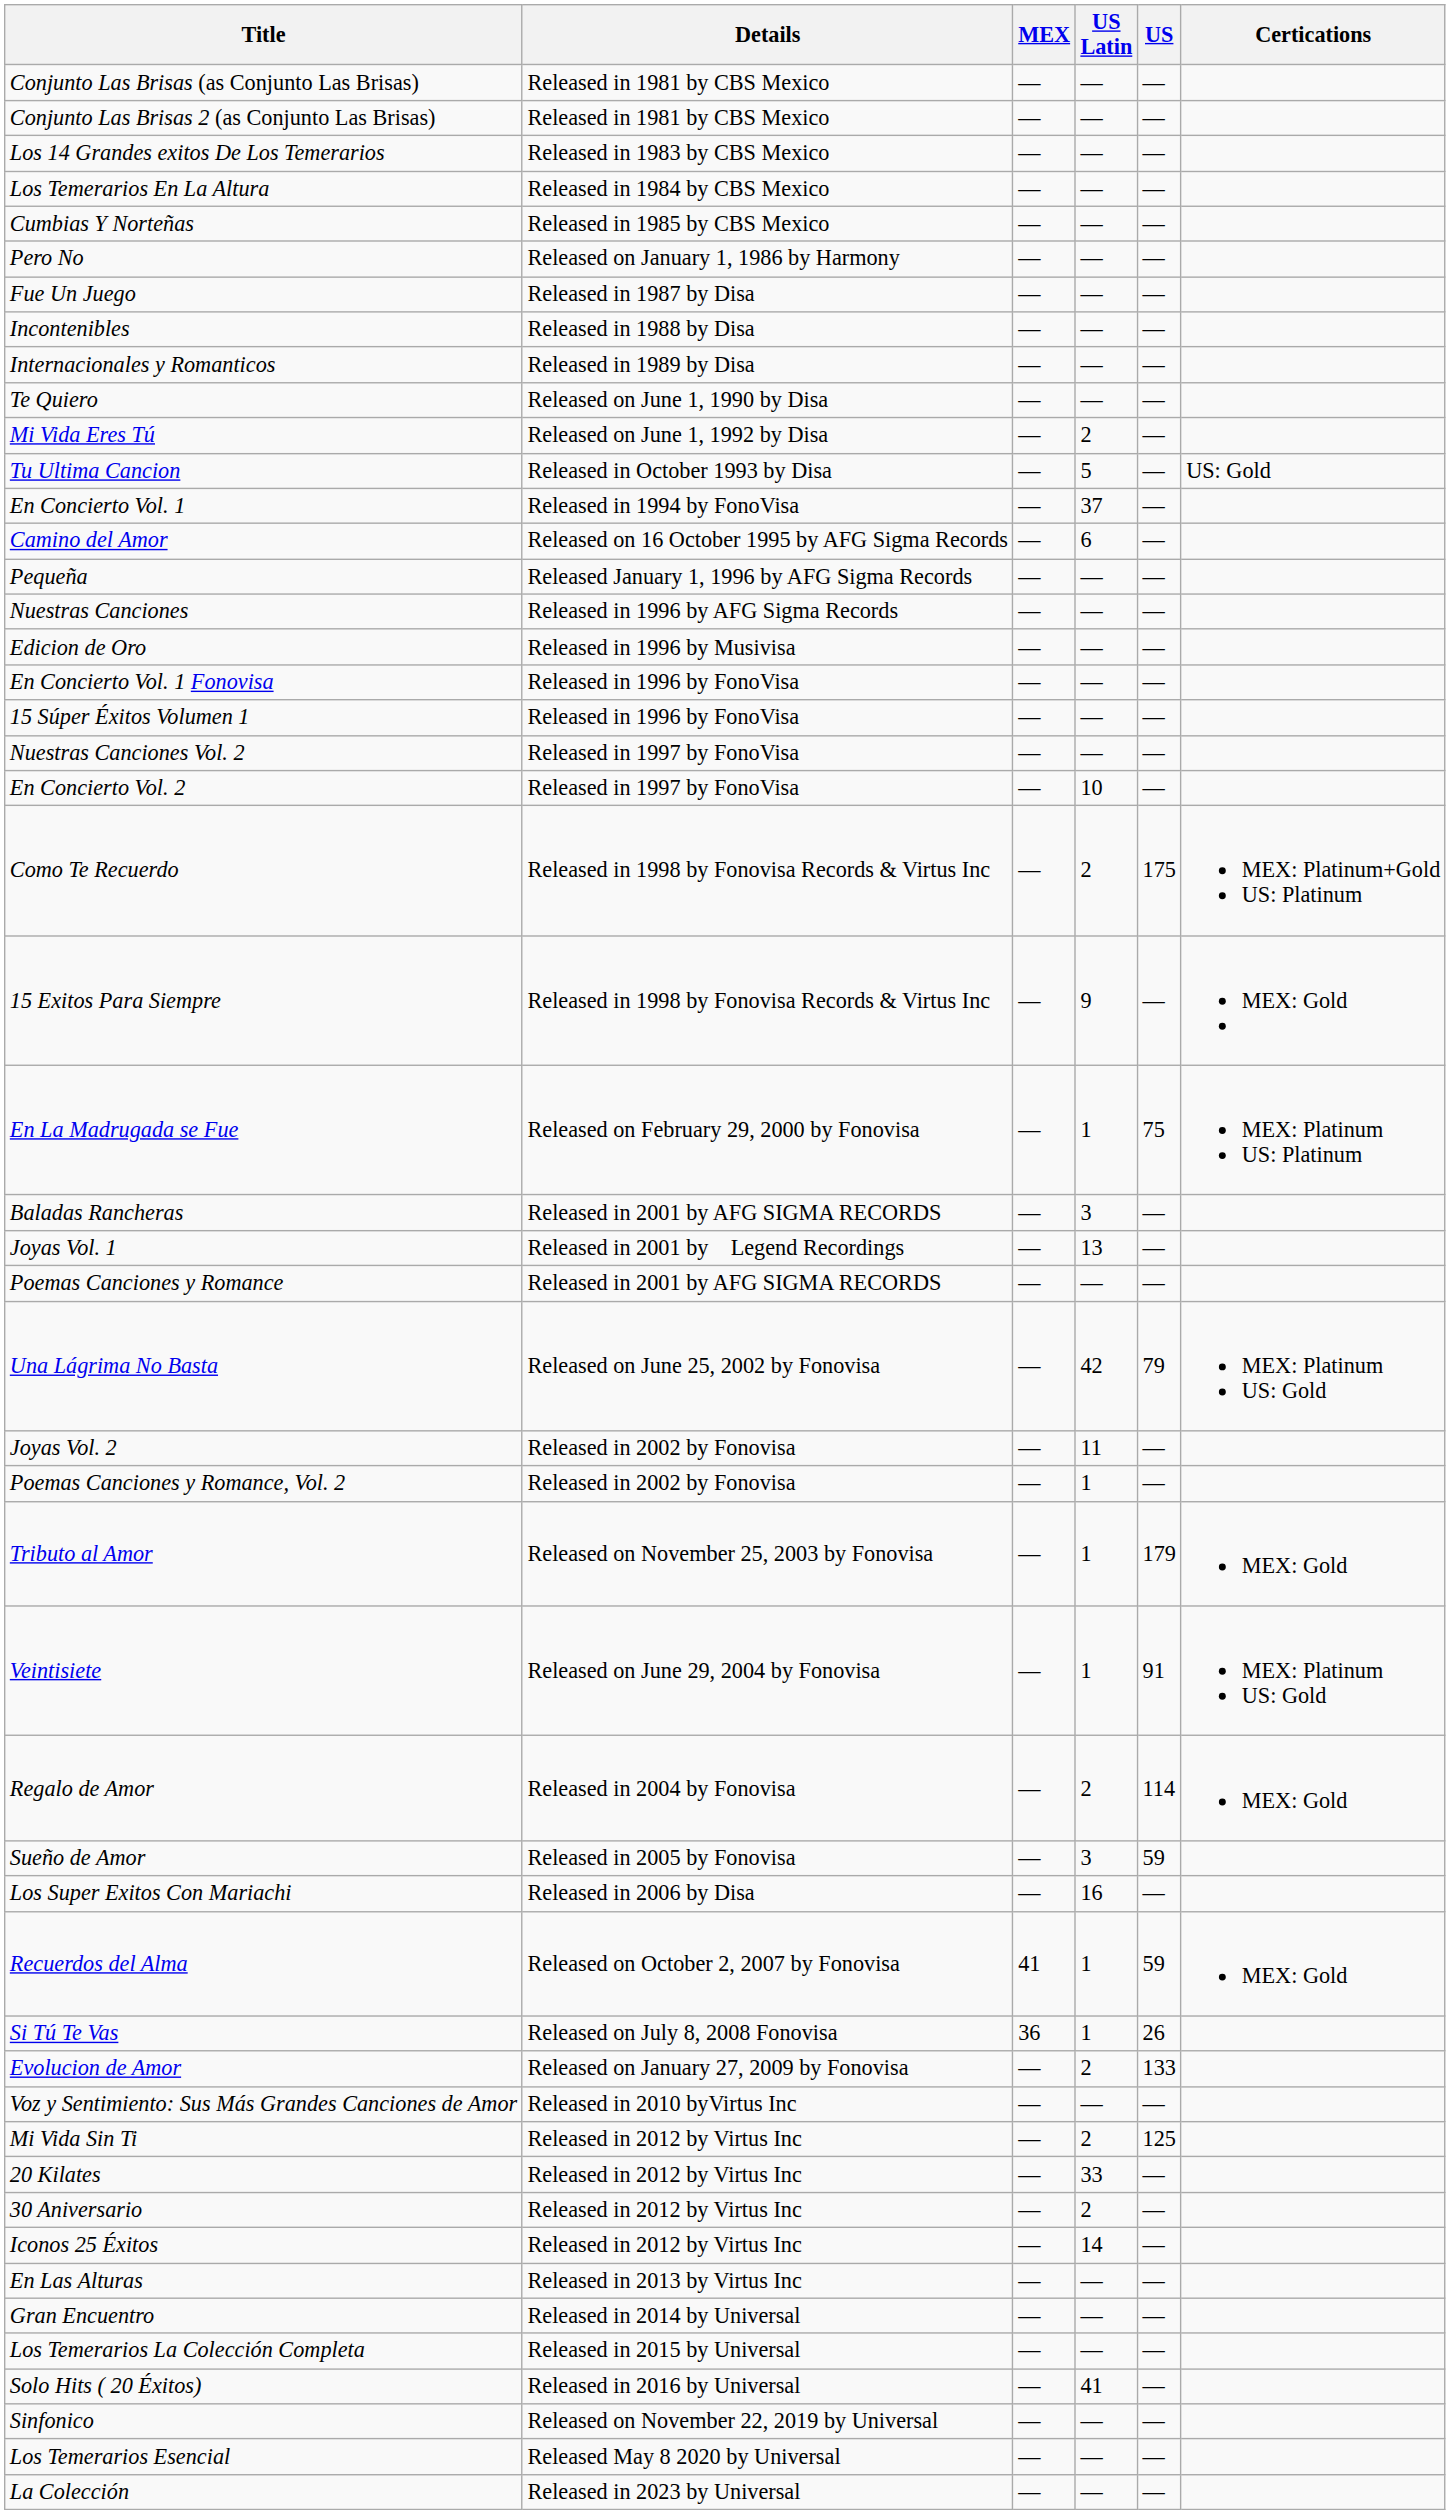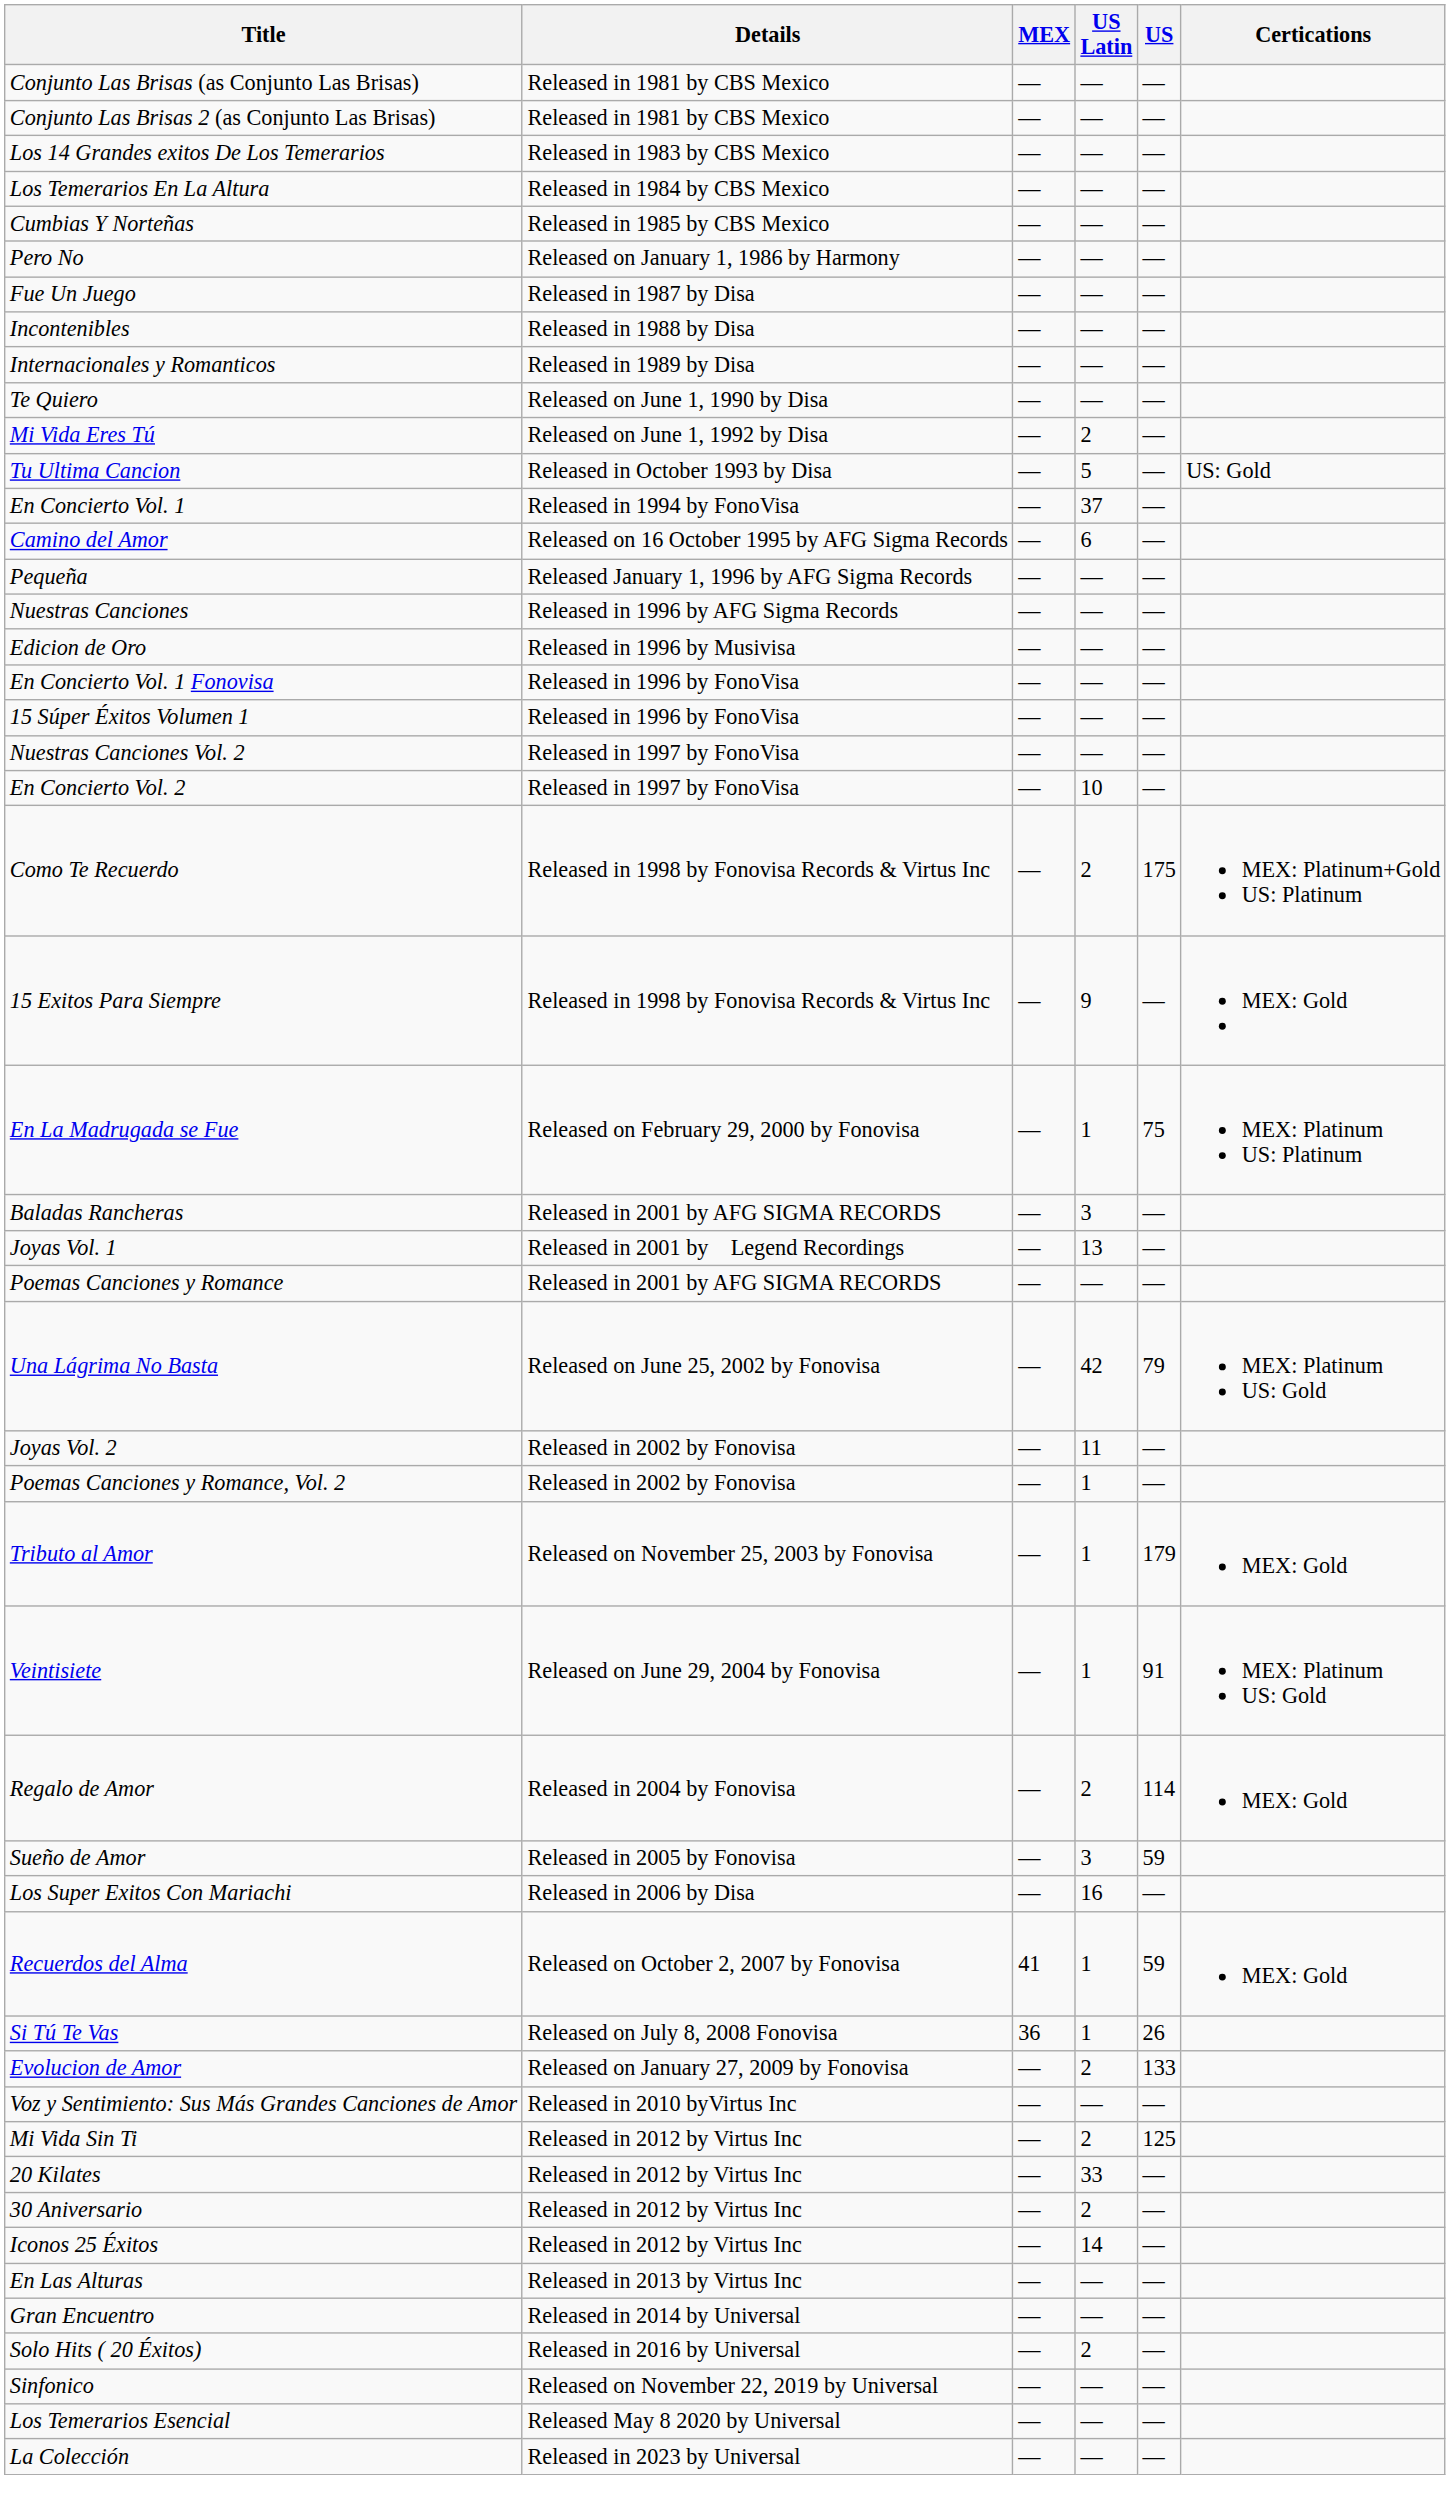 <table class="wikitable">
 <tr>
 <th>Title</th>
 <th>Details</th>
 <th><a href='#'>MEX</a></th>
 <th><a href='#'>US</a><br><a href='#'>Latin</a> </th>
 <th><a href='#'>US</a><br></th>
 <th>Certications</th>
 </tr>
 <tr>
 <td><em>Conjunto Las Brisas</em> (as Conjunto Las Brisas)</td>
 <td>Released in 1981 by CBS Mexico</td>
 <td>—</td>
 <td>—</td>
 <td>—</td>
 <td></td>
 </tr>
 <tr>
 <td><em>Conjunto Las Brisas</em> <em>2</em> (as Conjunto Las Brisas)</td>
 <td>Released in 1981 by CBS Mexico</td>
 <td>—</td>
 <td>—</td>
 <td>—</td>
 <td></td>
 </tr>
 <tr>
 <td><em>Los 14 Grandes exitos De Los Temerarios</em></td>
 <td>Released in 1983 by CBS Mexico</td>
 <td>—</td>
 <td>—</td>
 <td>—</td>
 <td></td>
 </tr>
 <tr>
 <td><em>Los Temerarios En La Altura</em></td>
 <td>Released in 1984 by CBS Mexico</td>
 <td>—</td>
 <td>—</td>
 <td>—</td>
 <td></td>
 </tr>
 <tr>
 <td><em>Cumbias Y Norteñas</em></td>
 <td>Released in 1985 by CBS Mexico</td>
 <td>—</td>
 <td>—</td>
 <td>—</td>
 <td></td>
 </tr>
 <tr>
 <td><em>Pero No</em></td>
 <td>Released on January 1, 1986 by Harmony</td>
 <td>—</td>
 <td>—</td>
 <td>—</td>
 <td></td>
 </tr>
 <tr>
 <td><em>Fue Un Juego</em></td>
 <td>Released in 1987 by Disa</td>
 <td>—</td>
 <td>—</td>
 <td>—</td>
 <td></td>
 </tr>
 <tr>
 <td><em>Incontenibles</em></td>
 <td>Released in 1988 by Disa</td>
 <td>—</td>
 <td>—</td>
 <td>—</td>
 <td></td>
 </tr>
 <tr>
 <td><em>Internacionales y Romanticos</em></td>
 <td>Released in 1989 by Disa</td>
 <td>—</td>
 <td>—</td>
 <td>—</td>
 <td></td>
 </tr>
 <tr>
 <td><em>Te Quiero</em></td>
 <td>Released on June 1, 1990 by Disa</td>
 <td>—</td>
 <td>—</td>
 <td>—</td>
 <td></td>
 </tr>
 <tr>
 <td><em><a href='#'>Mi Vida Eres Tú</a></em></td>
 <td>Released on June 1, 1992 by Disa</td>
 <td>—</td>
 <td>2</td>
 <td>—</td>
 <td></td>
 </tr>
 <tr>
 <td><em><a href='#'>Tu Ultima Cancion</a></em></td>
 <td>Released in October 1993 by Disa</td>
 <td>—</td>
 <td>5</td>
 <td>—</td>
 <td>US: Gold</td>
 </tr>
 <tr>
 <td><em>En Concierto Vol. 1</em></td>
 <td>Released in 1994 by FonoVisa</td>
 <td>—</td>
 <td>37</td>
 <td>—</td>
 <td></td>
 </tr>
 <tr>
 <td><em><a href='#'>Camino del Amor</a></em></td>
 <td>Released on 16 October 1995 by AFG Sigma Records</td>
 <td>—</td>
 <td>6</td>
 <td>—</td>
 <td></td>
 </tr>
 <tr>
 <td><em>Pequeña</em></td>
 <td>Released January 1, 1996 by AFG Sigma Records</td>
 <td>—</td>
 <td>—</td>
 <td>—</td>
 <td></td>
 </tr>
 <tr>
 <td><em>Nuestras Canciones</em></td>
 <td>Released in 1996 by AFG Sigma Records</td>
 <td>—</td>
 <td>—</td>
 <td>—</td>
 <td></td>
 </tr>
 <tr>
 <td><em>Edicion de Oro</em></td>
 <td>Released in 1996 by Musivisa</td>
 <td>—</td>
 <td>—</td>
 <td>—</td>
 <td></td>
 </tr>
 <tr>
 <td><em>En Concierto Vol. 1 <a href='#'>Fonovisa</a></em></td>
 <td>Released in 1996 by FonoVisa</td>
 <td>—</td>
 <td>—</td>
 <td>—</td>
 <td></td>
 </tr>
 <tr>
 <td><em>15 Súper Éxitos Volumen 1</em></td>
 <td>Released in 1996 by FonoVisa</td>
 <td>—</td>
 <td>—</td>
 <td>—</td>
 <td></td>
 </tr>
 <tr>
 <td><em>Nuestras Canciones Vol. 2</em></td>
 <td>Released in 1997 by FonoVisa</td>
 <td>—</td>
 <td>—</td>
 <td>—</td>
 <td></td>
 </tr>
 <tr>
 <td><em>En Concierto Vol. 2</em></td>
 <td>Released in 1997 by FonoVisa</td>
 <td>—</td>
 <td>10</td>
 <td>—</td>
 <td></td>
 </tr>
 <tr>
 <td><em>Como Te Recuerdo</em></td>
 <td>Released in 1998 by Fonovisa Records & Virtus Inc</td>
 <td>—</td>
 <td>2</td>
 <td>175</td>
 <td><br><ul><li>MEX: Platinum+Gold</li><li>US: Platinum</li></ul></td>
 </tr>
 <tr>
 <td><em>15 Exitos Para Siempre</em></td>
 <td>Released in 1998 by Fonovisa Records & Virtus Inc</td>
 <td>—</td>
 <td>9</td>
 <td>—</td>
 <td><br><ul><li>MEX: Gold</li><li></li></ul></td>
 </tr>
 <tr>
 <td><em><a href='#'>En La Madrugada se Fue</a></em></td>
 <td>Released on February 29, 2000 by Fonovisa</td>
 <td>—</td>
 <td>1</td>
 <td>75</td>
 <td><br><ul><li>MEX: Platinum</li><li>US: Platinum</li></ul></td>
 </tr>
 <tr>
 <td><em>Baladas Rancheras</em></td>
 <td>Released in 2001 by AFG SIGMA RECORDS</td>
 <td>—</td>
 <td>3</td>
 <td>—</td>
 <td></td>
 </tr>
 <tr>
 <td><em>Joyas Vol. 1</em></td>
 <td>Released in 2001 by     Legend Recordings</td>
 <td>—</td>
 <td>13</td>
 <td>—</td>
 <td></td>
 </tr>
 <tr>
 <td><em>Poemas Canciones y Romance</em></td>
 <td>Released in 2001 by AFG SIGMA RECORDS</td>
 <td>—</td>
 <td>—</td>
 <td>—</td>
 <td></td>
 </tr>
 <tr>
 <td><em><a href='#'>Una Lágrima No Basta</a></em></td>
 <td>Released on June 25, 2002 by Fonovisa</td>
 <td>—</td>
 <td>42</td>
 <td>79</td>
 <td><br><ul><li>MEX: Platinum</li><li>US: Gold</li></ul></td>
 </tr>
 <tr>
 <td><em>Joyas Vol. 2</em></td>
 <td>Released in 2002 by Fonovisa</td>
 <td>—</td>
 <td>11</td>
 <td>—</td>
 <td></td>
 </tr>
 <tr>
 <td><em>Poemas Canciones y Romance, Vol. 2</em></td>
 <td>Released in 2002 by Fonovisa</td>
 <td>—</td>
 <td>1</td>
 <td>—</td>
 <td></td>
 </tr>
 <tr>
 <td><em><a href='#'>Tributo al Amor</a></em></td>
 <td>Released on November 25, 2003 by Fonovisa</td>
 <td>—</td>
 <td>1</td>
 <td>179</td>
 <td><br><ul><li>MEX: Gold</li></ul></td>
 </tr>
 <tr>
 <td><em><a href='#'>Veintisiete</a></em></td>
 <td>Released on June 29, 2004 by Fonovisa</td>
 <td>—</td>
 <td>1</td>
 <td>91</td>
 <td><br><ul><li>MEX: Platinum</li><li>US: Gold</li></ul></td>
 </tr>
 <tr>
 <td><em>Regalo de Amor</em></td>
 <td>Released in 2004 by Fonovisa</td>
 <td>—</td>
 <td>2</td>
 <td>114</td>
 <td><br><ul><li>MEX: Gold</li></ul></td>
 </tr>
 <tr>
 <td><em>Sueño de Amor</em></td>
 <td>Released in 2005 by Fonovisa</td>
 <td>—</td>
 <td>3</td>
 <td>59</td>
 <td></td>
 </tr>
 <tr>
 <td><em>Los Super Exitos Con Mariachi</em></td>
 <td>Released in 2006 by Disa</td>
 <td>—</td>
 <td>16</td>
 <td>—</td>
 <td></td>
 </tr>
 <tr>
 <td><em><a href='#'>Recuerdos del Alma</a></em></td>
 <td>Released on October 2, 2007 by Fonovisa</td>
 <td>41</td>
 <td>1</td>
 <td>59</td>
 <td><br><ul><li>MEX: Gold</li></ul></td>
 </tr>
 <tr>
 <td><em><a href='#'>Si Tú Te Vas</a></em></td>
 <td>Released on July 8, 2008 Fonovisa</td>
 <td>36</td>
 <td>1</td>
 <td>26</td>
 <td></td>
 </tr>
 <tr>
 <td><em><a href='#'>Evolucion de Amor</a></em></td>
 <td>Released on January 27, 2009 by Fonovisa</td>
 <td>—</td>
 <td>2</td>
 <td>133</td>
 <td></td>
 </tr>
 <tr>
 <td><em>Voz y Sentimiento: Sus Más Grandes Canciones de Amor</em></td>
 <td>Released in 2010 byVirtus Inc</td>
 <td>—</td>
 <td>—</td>
 <td>—</td>
 <td></td>
 </tr>
 <tr>
 <td><em>Mi Vida Sin Ti</em></td>
 <td>Released in 2012 by Virtus Inc</td>
 <td>—</td>
 <td>2</td>
 <td>125</td>
 <td></td>
 </tr>
 <tr>
 <td><em>20 Kilates</em></td>
 <td>Released in 2012 by Virtus Inc</td>
 <td>—</td>
 <td>33</td>
 <td>—</td>
 <td></td>
 </tr>
 <tr>
 <td><em>30 Aniversario</em></td>
 <td>Released in 2012 by Virtus Inc</td>
 <td>—</td>
 <td>2</td>
 <td>—</td>
 <td></td>
 </tr>
 <tr>
 <td><em>Iconos 25 Éxitos</em></td>
 <td>Released in 2012 by Virtus Inc</td>
 <td>—</td>
 <td>14</td>
 <td>—</td>
 <td></td>
 </tr>
 <tr>
 <td><em>En Las Alturas</em></td>
 <td>Released in 2013 by Virtus Inc</td>
 <td>—</td>
 <td>—</td>
 <td>—</td>
 <td></td>
 </tr>
 <tr>
 <td><em>Gran Encuentro</em></td>
 <td>Released in 2014 by Universal</td>
 <td>—</td>
 <td>—</td>
 <td>—</td>
 <td></td>
 </tr>
 <tr>
-<td><em>Los Temerarios La Colección Completa</em></td>
-<td>Released in 2015 by Universal</td>
-<td>—</td>
-<td>—</td>
-<td>—</td>
-<td></td>
-</tr>
-<tr>
 <td><em>Solo Hits ( 20 Éxitos)</em></td>
 <td>Released in 2016 by Universal</td>
 <td>—</td>
-<td>41</td>
+<td>2</td>
 <td>—</td>
 <td></td>
 </tr>
 <tr>
 <td><em>Sinfonico</em></td>
 <td>Released on November 22, 2019 by Universal</td>
 <td>—</td>
 <td>—</td>
 <td>—</td>
 <td></td>
 </tr>
 <tr>
 <td><em>Los Temerarios Esencial</em></td>
 <td>Released May 8 2020 by Universal</td>
 <td>—</td>
 <td>—</td>
 <td>—</td>
 <td></td>
 </tr>
 <tr>
 <td><em>La Colección</em></td>
 <td>Released in 2023 by Universal</td>
 <td>—</td>
 <td>—</td>
 <td>—</td>
 <td></td>
 </tr>
 </table>
